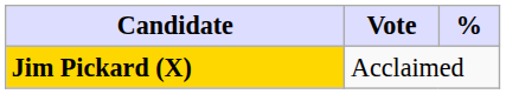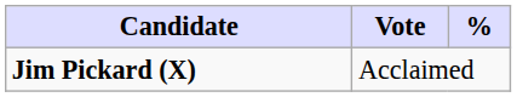 <table class="wikitable">
 <tr>
 <th style="background:#ddf; width:200px;">Candidate</th>
 <th style="background:#ddf; width:50px;">Vote</th>
 <th style="background:#ddf; width:30px;">%</th>
 </tr>
 <tr>
-<td style="background: gold;"><strong>Jim Pickard (X)</strong></td>
+<td><strong>Jim Pickard (X)</strong></td>
 <td colspan="2">Acclaimed</td>
 </tr>
 </table>
